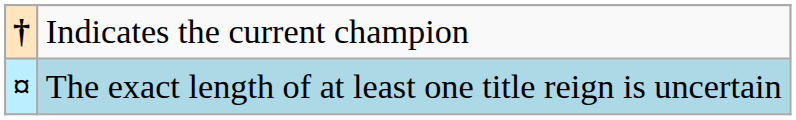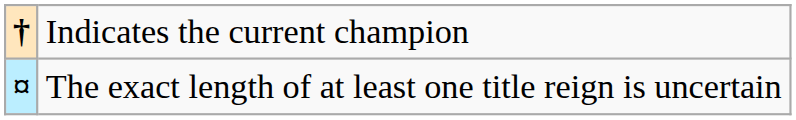 <table class="wikitable">
 <tr>
 <th style="background-color:#FFE6BD">†</th>
 <td>Indicates the current champion</td>
 </tr>
 <tr>
 <th style="background-color:#bbeeff">¤</th>
-<td style="background: lightblue;">The exact length of at least one title reign is uncertain</td>
+<td>The exact length of at least one title reign is uncertain</td>
 </tr>
 </table>
